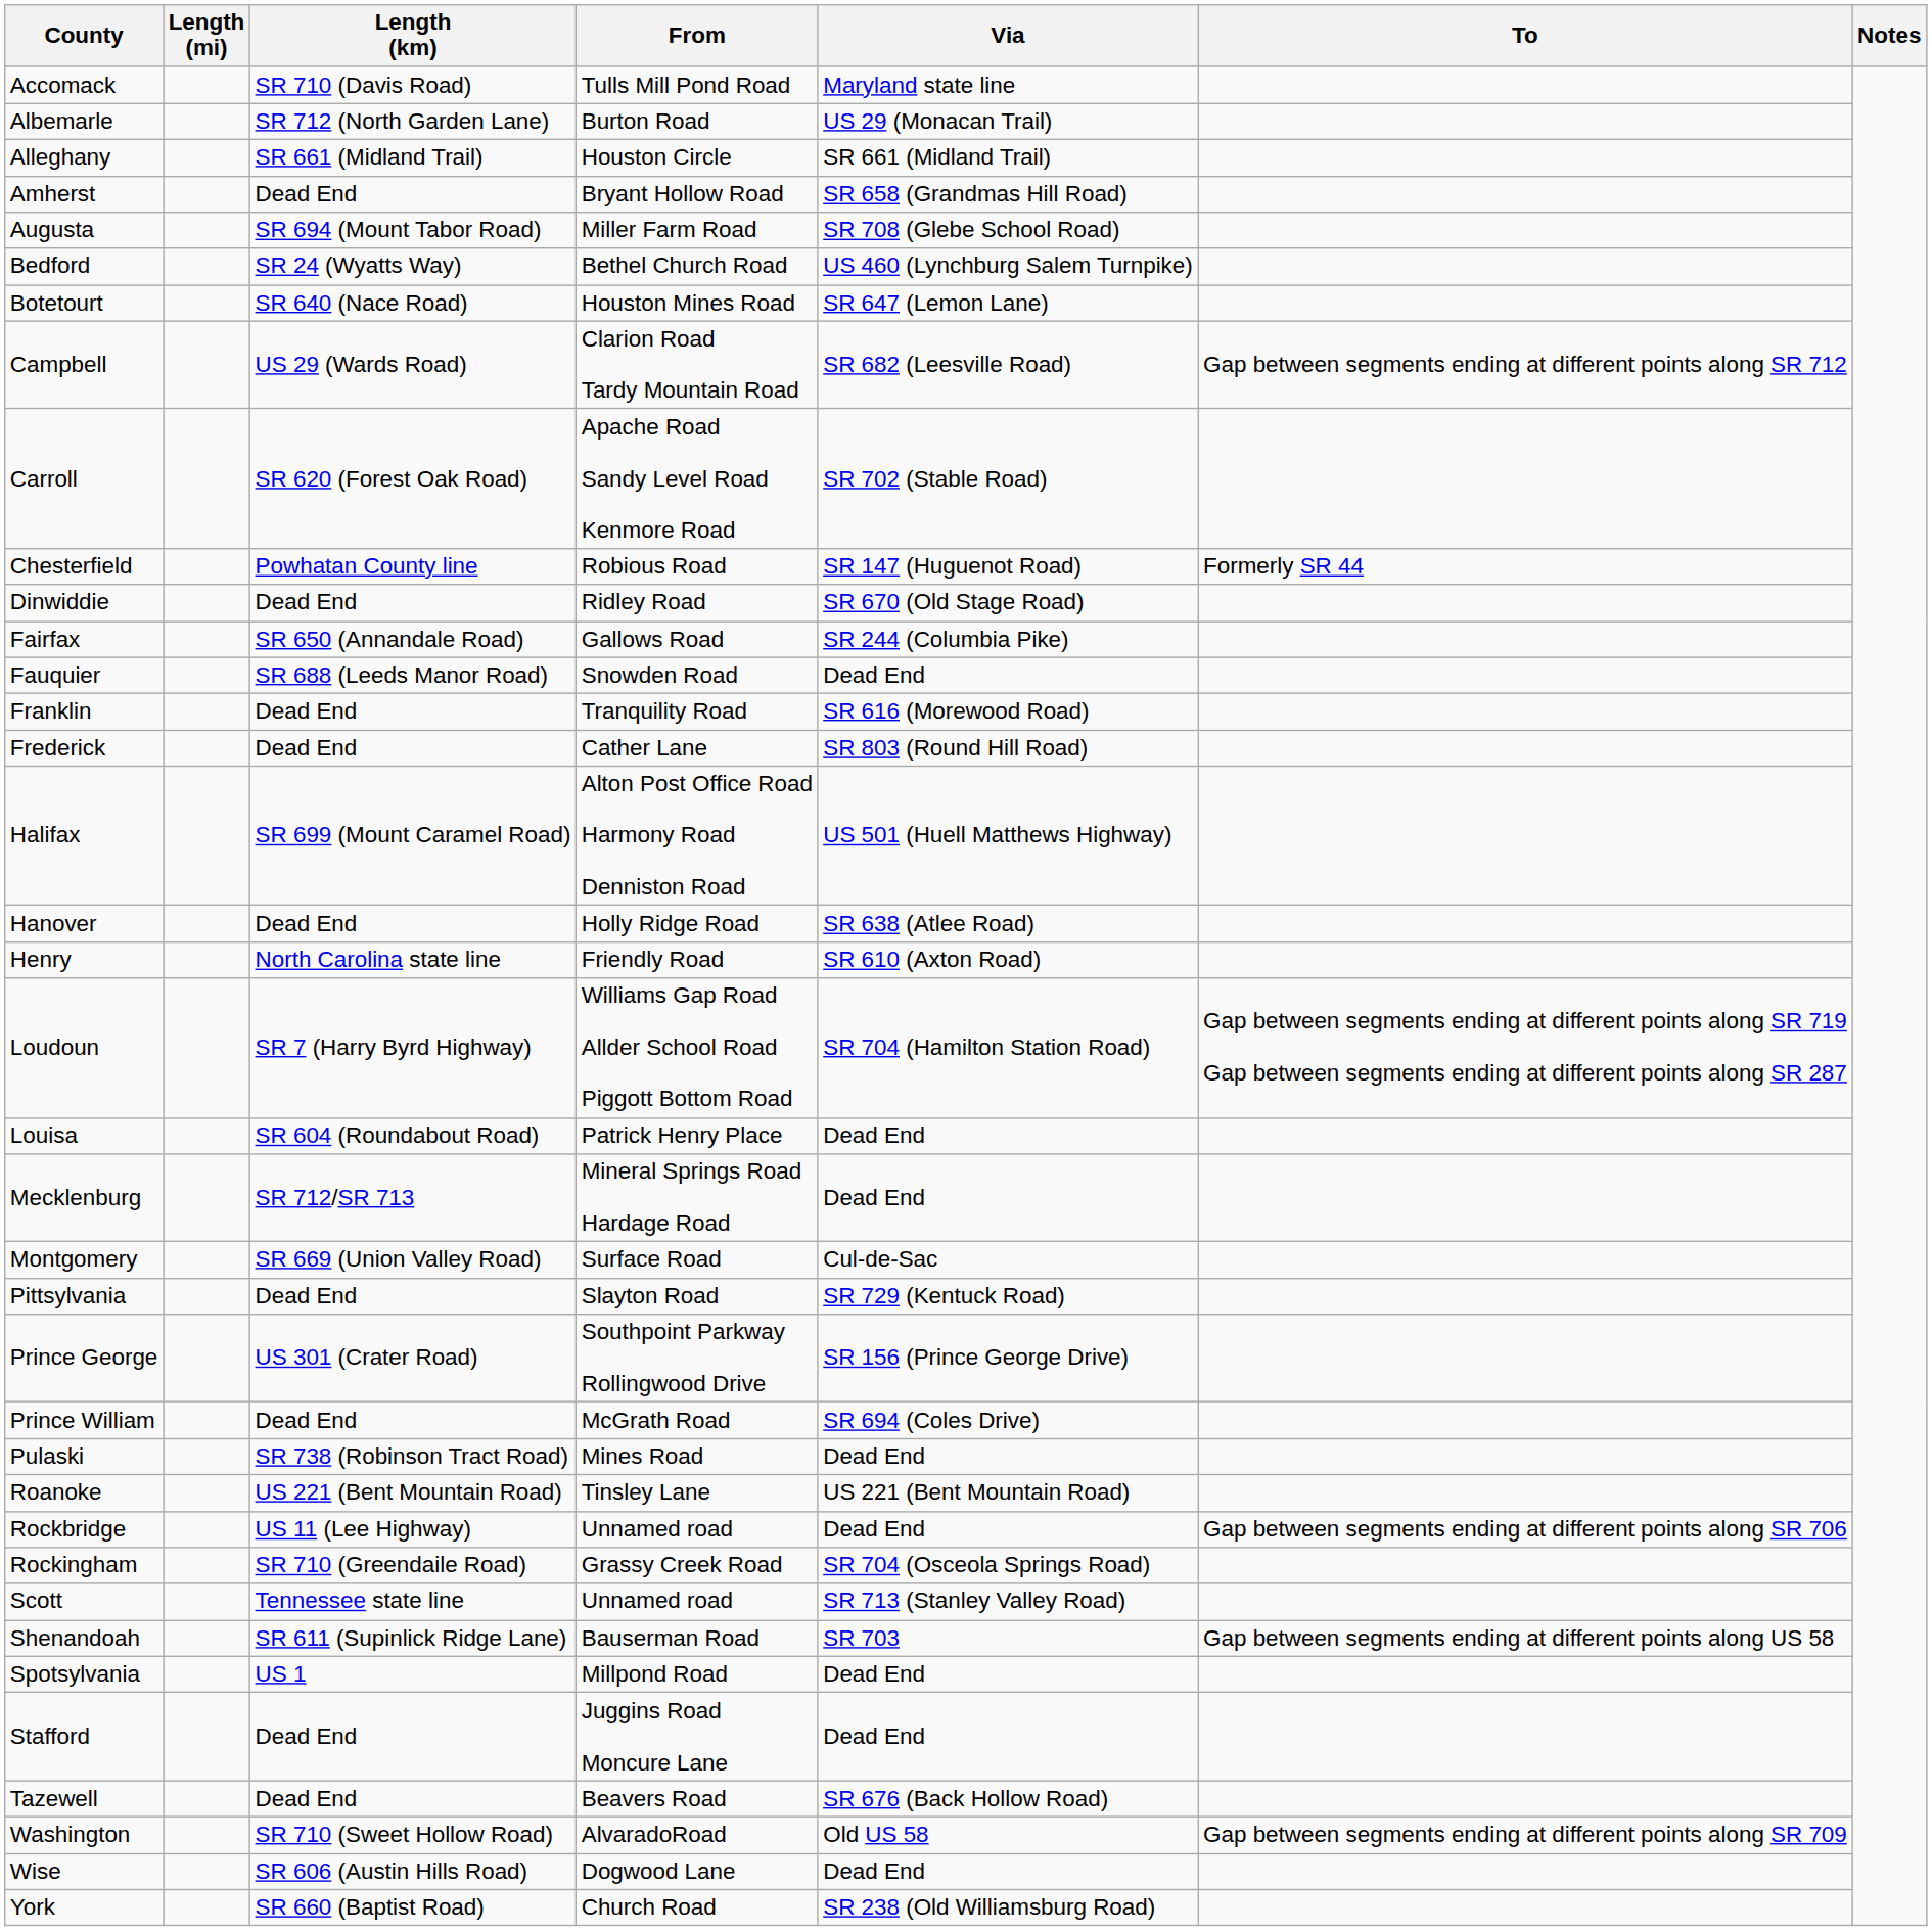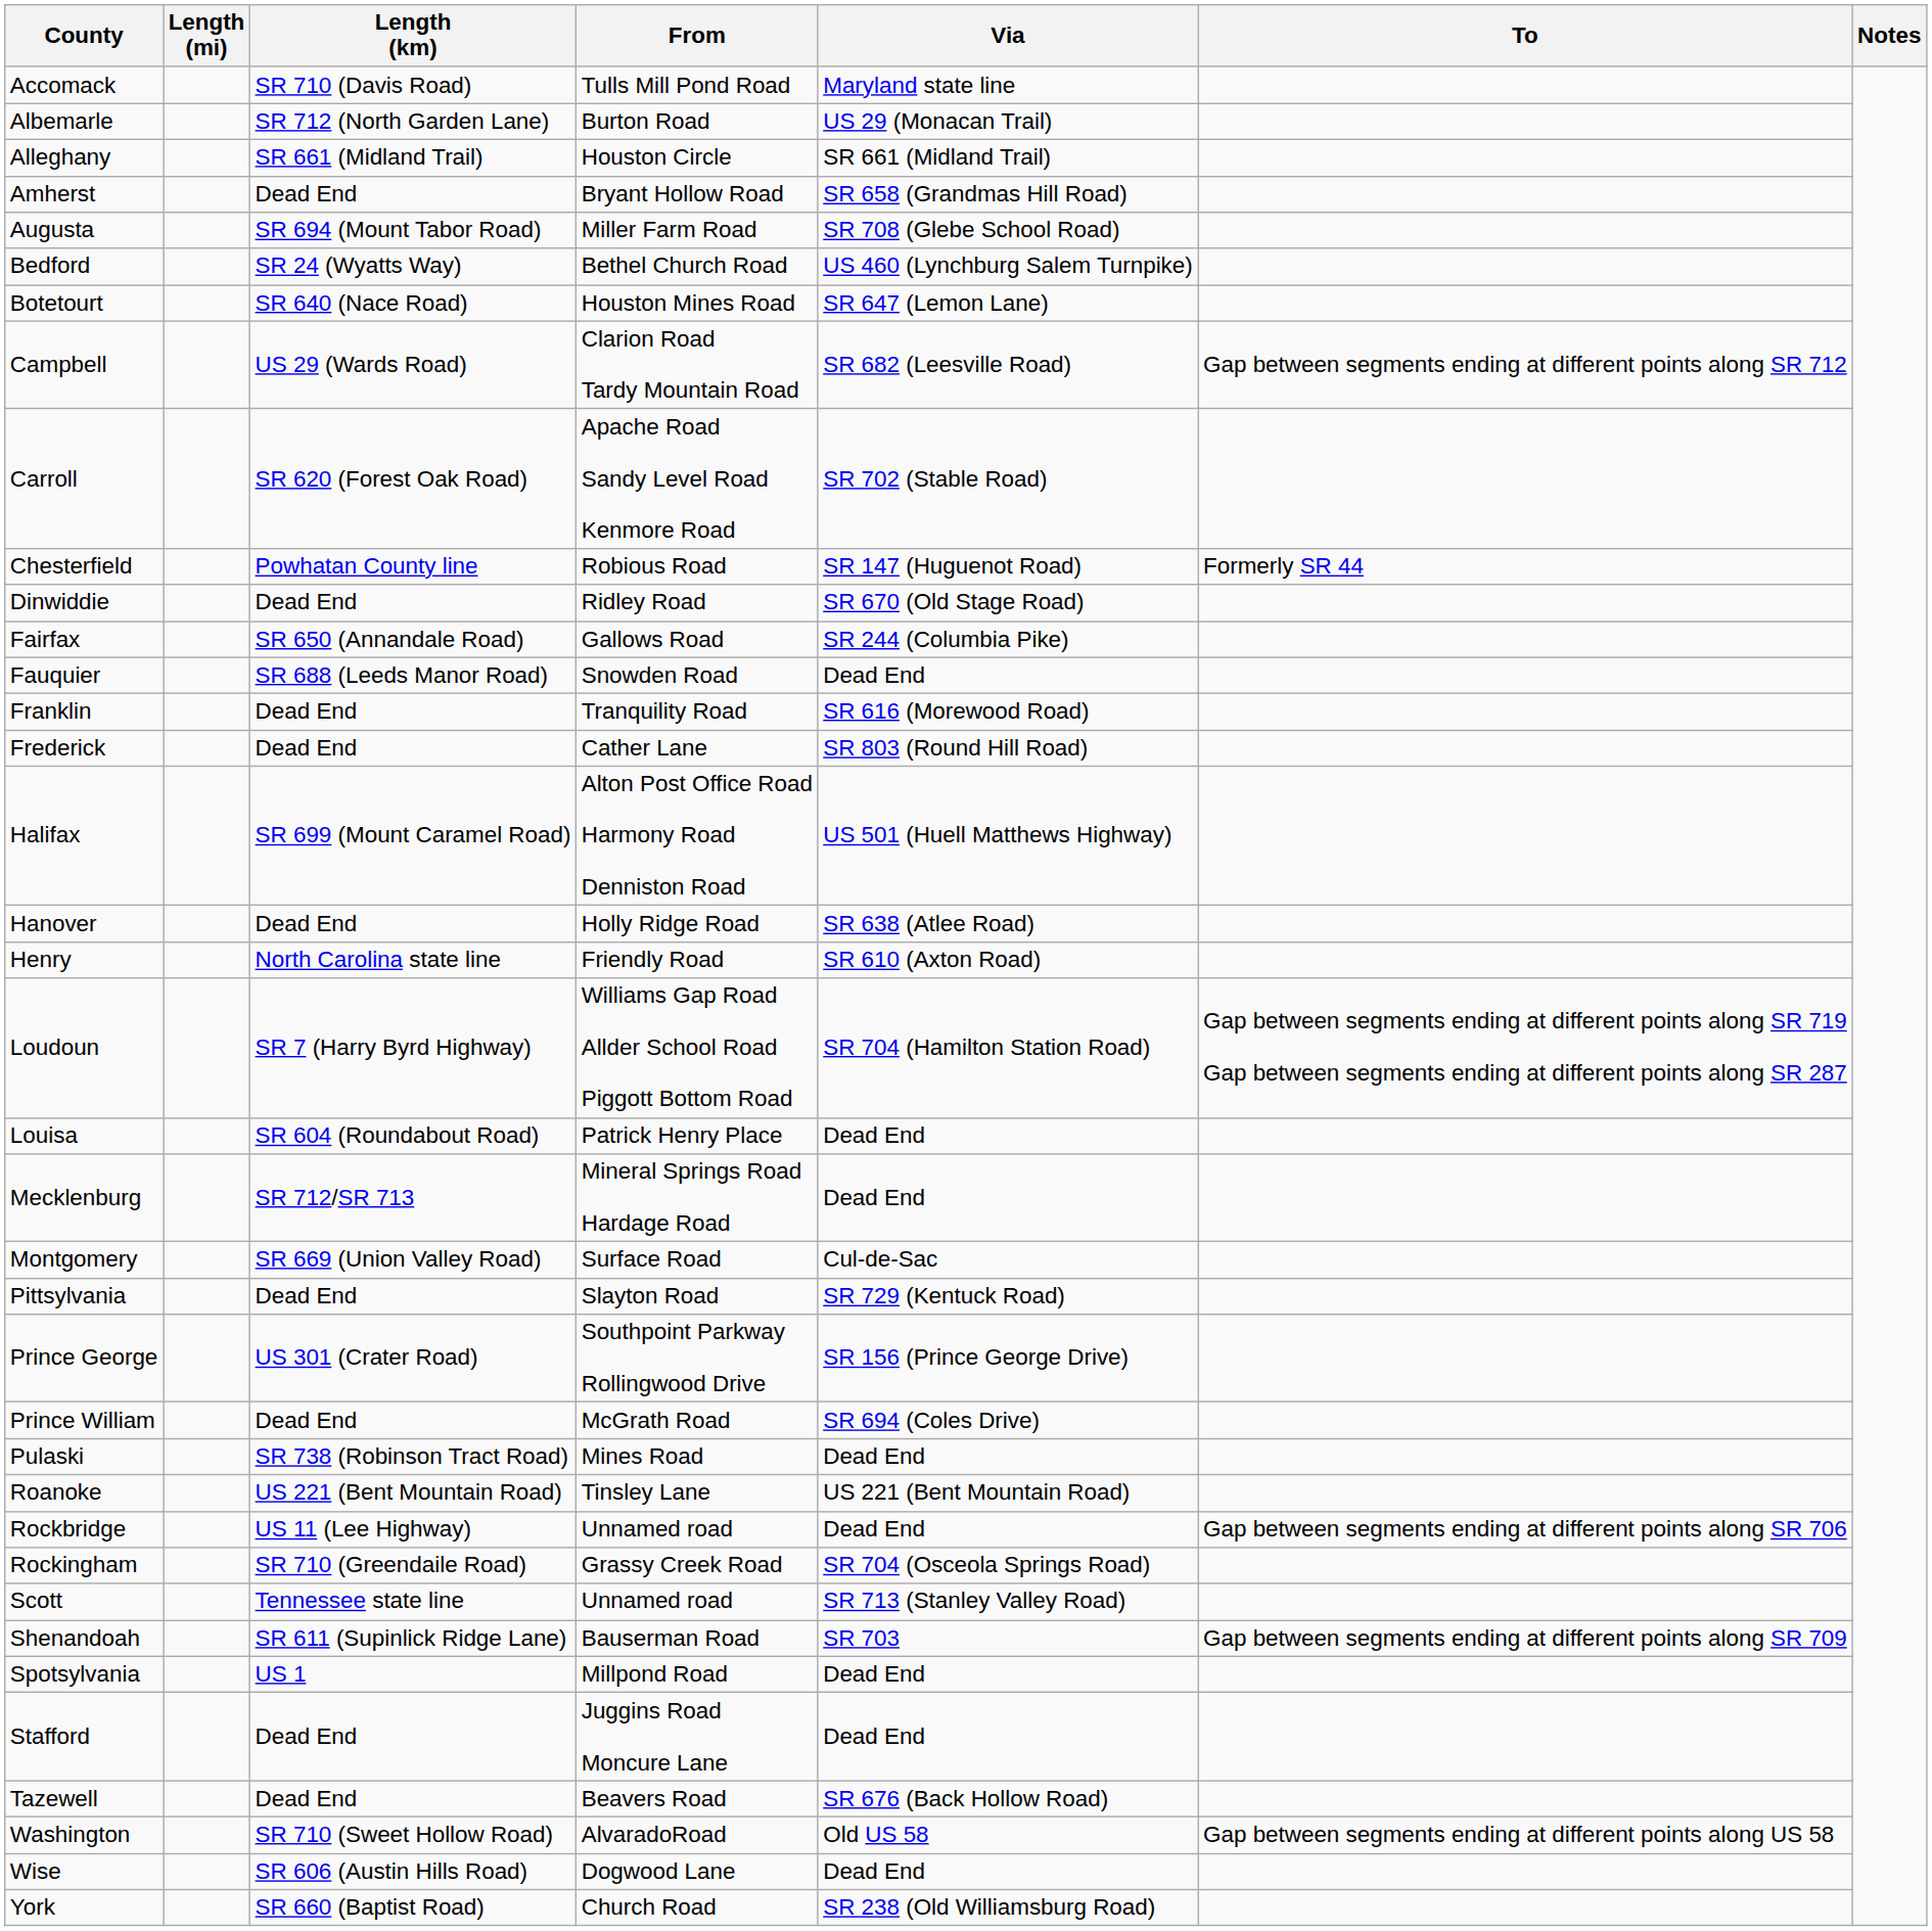 <table class="wikitable sortable">
 <tr>
 <th>County</th>
 <th>Length<br>(mi)</th>
 <th>Length<br>(km)</th>
 <th class="unsortable">From</th>
 <th class="unsortable">Via</th>
 <th class="unsortable">To</th>
 <th class="unsortable">Notes</th>
 </tr>
 <tr>
 <td id="Accomack">Accomack</td>
 <td></td>
 <td><a href='#'>SR 710</a> (Davis Road)</td>
 <td>Tulls Mill Pond Road</td>
 <td><a href='#'>Maryland</a> state line</td>
 <td></td>
 </tr>
 <tr>
 <td id="Albemarle">Albemarle</td>
 <td></td>
 <td><a href='#'>SR 712</a> (North Garden Lane)</td>
 <td>Burton Road</td>
 <td><a href='#'>US 29</a> (Monacan Trail)</td>
 <td></td>
 </tr>
 <tr>
 <td id="Alleghany">Alleghany</td>
 <td></td>
 <td><a href='#'>SR 661</a> (Midland Trail)</td>
 <td>Houston Circle</td>
 <td>SR 661 (Midland Trail)</td>
 <td><br></td>
 </tr>
 <tr>
 <td id="Amherst">Amherst</td>
 <td></td>
 <td>Dead End</td>
 <td>Bryant Hollow Road</td>
 <td><a href='#'>SR 658</a> (Grandmas Hill Road)</td>
 <td><br> </td>
 </tr>
 <tr>
 <td id="Augusta">Augusta</td>
 <td></td>
 <td><a href='#'>SR 694</a> (Mount Tabor Road)</td>
 <td>Miller Farm Road</td>
 <td><a href='#'>SR 708</a> (Glebe School Road)</td>
 <td><br></td>
 </tr>
 <tr>
 <td id="Bedford">Bedford</td>
 <td></td>
 <td><a href='#'>SR 24</a> (Wyatts Way)</td>
 <td>Bethel Church Road</td>
 <td><a href='#'>US 460</a> (Lynchburg Salem Turnpike)</td>
 <td><br></td>
 </tr>
 <tr>
 <td id="Botetourt">Botetourt</td>
 <td></td>
 <td><a href='#'>SR 640</a> (Nace Road)</td>
 <td>Houston Mines Road</td>
 <td><a href='#'>SR 647</a> (Lemon Lane)</td>
 <td><br>  </td>
 </tr>
 <tr>
 <td id="Campbell">Campbell</td>
 <td></td>
 <td><a href='#'>US 29</a> (Wards Road)</td>
 <td>Clarion Road<br><br>Tardy Mountain Road</td>
 <td><a href='#'>SR 682</a> (Leesville Road)</td>
 <td>Gap between segments ending at different points along <a href='#'>SR 712</a><br></td>
 </tr>
 <tr>
 <td id="Carroll">Carroll</td>
 <td></td>
 <td><a href='#'>SR 620</a> (Forest Oak Road)</td>
 <td>Apache Road<br><br>Sandy Level Road<br><br>Kenmore Road</td>
 <td><a href='#'>SR 702</a> (Stable Road)</td>
 <td><br> </td>
 </tr>
 <tr>
 <td id="Chesterfield">Chesterfield</td>
 <td></td>
 <td><a href='#'>Powhatan County line</a></td>
 <td>Robious Road</td>
 <td><a href='#'>SR 147</a> (Huguenot Road)</td>
 <td>Formerly <a href='#'>SR 44</a><br>    </td>
 </tr>
 <tr>
 <td id="Dinwiddie">Dinwiddie</td>
 <td></td>
 <td>Dead End</td>
 <td>Ridley Road</td>
 <td><a href='#'>SR 670</a> (Old Stage Road)</td>
 <td><br></td>
 </tr>
 <tr>
 <td id="Fairfax">Fairfax</td>
 <td></td>
 <td><a href='#'>SR 650</a> (Annandale Road)</td>
 <td>Gallows Road</td>
 <td><a href='#'>SR 244</a> (Columbia Pike)</td>
 <td></td>
 </tr>
 <tr>
 <td id="Fauquier">Fauquier</td>
 <td></td>
 <td><a href='#'>SR 688</a> (Leeds Manor Road)</td>
 <td>Snowden Road</td>
 <td>Dead End</td>
 <td><br> </td>
 </tr>
 <tr>
 <td id="Franklin">Franklin</td>
 <td></td>
 <td>Dead End</td>
 <td>Tranquility Road</td>
 <td><a href='#'>SR 616</a> (Morewood Road)</td>
 <td></td>
 </tr>
 <tr>
 <td id="Frederick">Frederick</td>
 <td></td>
 <td>Dead End</td>
 <td>Cather Lane</td>
 <td><a href='#'>SR 803</a> (Round Hill Road)</td>
 <td><br>     </td>
 </tr>
 <tr>
 <td id="Halifax">Halifax</td>
 <td></td>
 <td><a href='#'>SR 699</a> (Mount Caramel Road)</td>
 <td>Alton Post Office Road<br><br>Harmony Road<br><br>Denniston Road</td>
 <td><a href='#'>US 501</a> (Huell Matthews Highway)</td>
 <td></td>
 </tr>
 <tr>
 <td id="Hanover">Hanover</td>
 <td></td>
 <td>Dead End</td>
 <td>Holly Ridge Road</td>
 <td><a href='#'>SR 638</a> (Atlee Road)</td>
 <td><br></td>
 </tr>
 <tr>
 <td id="Henry">Henry</td>
 <td></td>
 <td><a href='#'>North Carolina</a> state line</td>
 <td>Friendly Road</td>
 <td><a href='#'>SR 610</a> (Axton Road)</td>
 <td><br>       </td>
 </tr>
 <tr>
 <td id="Loudoun">Loudoun</td>
 <td></td>
 <td><a href='#'>SR 7</a> (Harry Byrd Highway)</td>
 <td>Williams Gap Road<br><br>Allder School Road<br><br>Piggott Bottom Road</td>
 <td><a href='#'>SR 704</a> (Hamilton Station Road)</td>
 <td>Gap between segments ending at different points along <a href='#'>SR 719</a><br><br>Gap between segments ending at different points along <a href='#'>SR 287</a></td>
 </tr>
 <tr>
 <td id="Louisa">Louisa</td>
 <td></td>
 <td><a href='#'>SR 604</a> (Roundabout Road)</td>
 <td>Patrick Henry Place</td>
 <td>Dead End</td>
 <td><br>  </td>
 </tr>
 <tr>
 <td id="Mecklenburg">Mecklenburg</td>
 <td></td>
 <td><a href='#'>SR 712</a>/<a href='#'>SR 713</a></td>
 <td>Mineral Springs Road<br><br>Hardage Road</td>
 <td>Dead End</td>
 <td><br></td>
 </tr>
 <tr>
 <td id="Montgomery">Montgomery</td>
 <td></td>
 <td><a href='#'>SR 669</a> (Union Valley Road)</td>
 <td>Surface Road</td>
 <td>Cul-de-Sac</td>
 <td><br>       </td>
 </tr>
 <tr>
 <td id="Pittsylvania">Pittsylvania</td>
 <td></td>
 <td>Dead End</td>
 <td>Slayton Road</td>
 <td><a href='#'>SR 729</a> (Kentuck Road)</td>
 <td><br> </td>
 </tr>
 <tr>
 <td id="Prince George">Prince George</td>
 <td></td>
 <td><a href='#'>US 301</a> (Crater Road)</td>
 <td>Southpoint Parkway<br><br>Rollingwood Drive</td>
 <td><a href='#'>SR 156</a> (Prince George Drive)</td>
 <td></td>
 </tr>
 <tr>
 <td id="Prince William">Prince William</td>
 <td></td>
 <td>Dead End</td>
 <td>McGrath Road</td>
 <td><a href='#'>SR 694</a> (Coles Drive)</td>
 <td></td>
 </tr>
 <tr>
 <td id="Pulaski">Pulaski</td>
 <td></td>
 <td><a href='#'>SR 738</a> (Robinson Tract Road)</td>
 <td>Mines Road</td>
 <td>Dead End</td>
 <td><br> </td>
 </tr>
 <tr>
 <td id="Roanoke">Roanoke</td>
 <td></td>
 <td><a href='#'>US 221</a> (Bent Mountain Road)</td>
 <td>Tinsley Lane</td>
 <td>US 221 (Bent Mountain Road)</td>
 <td></td>
 </tr>
 <tr>
 <td id="Rockbridge">Rockbridge</td>
 <td></td>
 <td><a href='#'>US 11</a> (Lee Highway)</td>
 <td>Unnamed road</td>
 <td>Dead End</td>
 <td>Gap between segments ending at different points along <a href='#'>SR 706</a></td>
 </tr>
 <tr>
 <td id="Rockingham">Rockingham</td>
 <td></td>
 <td><a href='#'>SR 710</a> (Greendaile Road)</td>
 <td>Grassy Creek Road</td>
 <td><a href='#'>SR 704</a> (Osceola Springs Road)</td>
 <td><br></td>
 </tr>
 <tr>
 <td id="Scott">Scott</td>
 <td></td>
 <td><a href='#'>Tennessee</a> state line</td>
 <td>Unnamed road</td>
 <td><a href='#'>SR 713</a> (Stanley Valley Road)</td>
 <td></td>
 </tr>
 <tr>
 <td id="Shenandoah">Shenandoah</td>
 <td></td>
 <td><a href='#'>SR 611</a> (Supinlick Ridge Lane)</td>
 <td>Bauserman Road</td>
 <td><a href='#'>SR 703</a></td>
-<td>Gap between segments ending at different points along US 58<br></td>
+<td>Gap between segments ending at different points along <a href='#'>SR 709</a><br> </td>
 </tr>
 <tr>
 <td id="Spotsylvania">Spotsylvania</td>
 <td></td>
 <td><a href='#'>US 1</a></td>
 <td>Millpond Road</td>
 <td>Dead End</td>
 <td></td>
 </tr>
 <tr>
 <td id="Stafford">Stafford</td>
 <td></td>
 <td>Dead End</td>
 <td>Juggins Road<br><br>Moncure Lane</td>
 <td>Dead End</td>
 <td><br> </td>
 </tr>
 <tr>
 <td id="Tazewell">Tazewell</td>
 <td></td>
 <td>Dead End</td>
 <td>Beavers Road</td>
 <td><a href='#'>SR 676</a> (Back Hollow Road)</td>
 <td><br></td>
 </tr>
 <tr>
 <td id="Washington">Washington</td>
 <td></td>
 <td><a href='#'>SR 710</a> (Sweet Hollow Road)</td>
 <td>AlvaradoRoad</td>
 <td>Old <a href='#'>US 58</a></td>
-<td>Gap between segments ending at different points along <a href='#'>SR 709</a><br> </td>
+<td>Gap between segments ending at different points along US 58<br></td>
 </tr>
 <tr>
 <td id="Wise">Wise</td>
 <td></td>
 <td><a href='#'>SR 606</a> (Austin Hills Road)</td>
 <td>Dogwood Lane</td>
 <td>Dead End</td>
 <td><br></td>
 </tr>
 <tr>
 <td id="York">York</td>
 <td></td>
 <td><a href='#'>SR 660</a> (Baptist Road)</td>
 <td>Church Road</td>
 <td><a href='#'>SR 238</a> (Old Williamsburg Road)</td>
 <td></td>
 </tr>
 </table>
